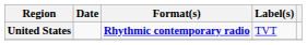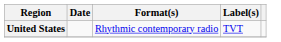 <table class="wikitable plainrowheaders" style="text-align:left">
 <tr>
 <th scope="col">Region</th>
 <th scope="col">Date</th>
 <th scope="col">Format(s)</th>
 <th scope="col">Label(s)</th>
 <th scope="col"></th>
 </tr>
 <tr>
 <th scope="row">United States</th>
 <td></td>
-<td><strong><a href='#'>Rhythmic contemporary radio</a></strong></td>
+<td><a href='#'>Rhythmic contemporary radio</a></td>
 <td><a href='#'>TVT</a></td>
 <td></td>
 </tr>
 <tr>
 </tr>
 </table>
